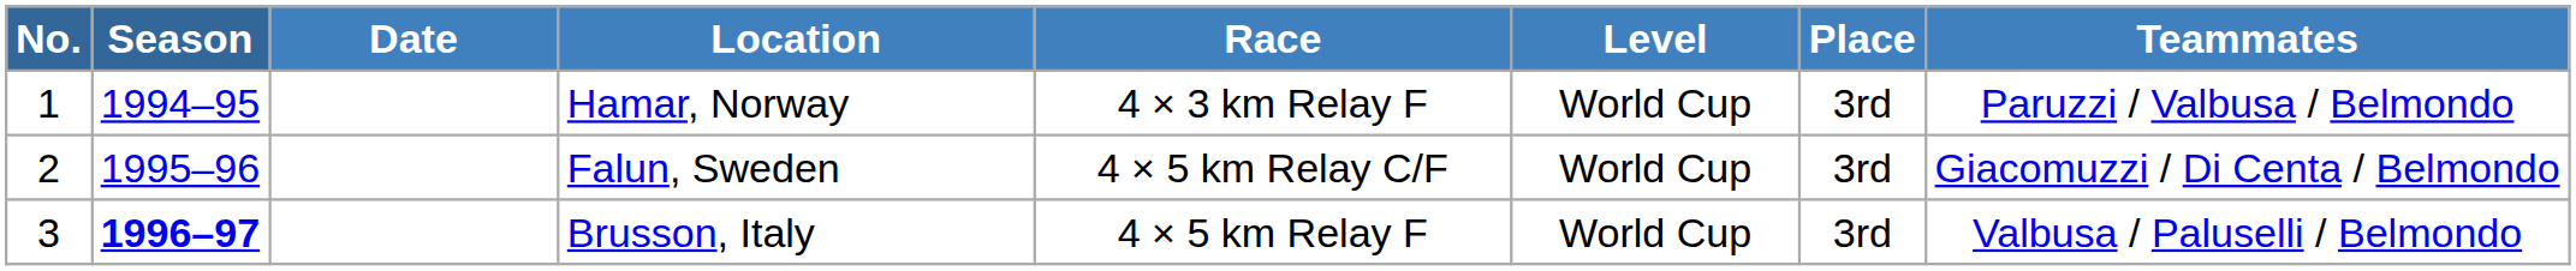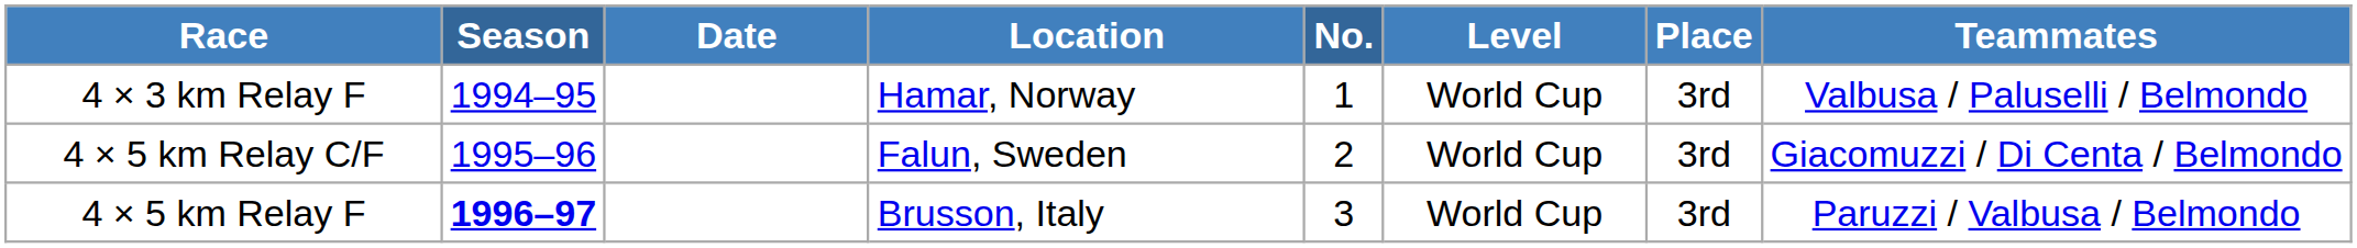 <table class="wikitable sortable" style="font-size:95%; text-align:center; border:grey solid 1px; border-collapse:collapse; background:#ffffff;">
 <tr style="background:#efefef;">
-<th style="background-color:#369; color:white;">No.</th>
+<th style="background-color:#4180be; color:white; width:170px;">Race</th>
 <th style="background-color:#369; color:white;">Season</th>
 <th style="background-color:#4180be; color:white; width:100px;">Date</th>
 <th style="background-color:#4180be; color:white; width:170px;">Location</th>
-<th style="background-color:#4180be; color:white; width:170px;">Race</th>
+<th style="background-color:#369; color:white;">No.</th>
 <th style="background-color:#4180be; color:white; width:100px;">Level</th>
 <th style="background-color:#4180be; color:white;">Place</th>
 <th style="background-color:#4180be; color:white;">Teammates</th>
 </tr>
 <tr>
-<td>1</td>
+<td>4 × 3 km Relay F</td>
 <td><a href='#'>1994–95</a></td>
 <td style="text-align: right;"></td>
 <td style="text-align: left;"> <a href='#'>Hamar</a>, Norway</td>
-<td>4 × 3 km Relay F</td>
+<td>1</td>
 <td>World Cup</td>
 <td>3rd</td>
-<td><a href='#'>Paruzzi</a> / <a href='#'>Valbusa</a> / <a href='#'>Belmondo</a></td>
+<td><a href='#'>Valbusa</a> / <a href='#'>Paluselli</a> / <a href='#'>Belmondo</a></td>
 </tr>
 <tr>
-<td>2</td>
+<td>4 × 5 km Relay C/F</td>
 <td><a href='#'>1995–96</a></td>
 <td style="text-align: right;"></td>
 <td style="text-align: left;"> <a href='#'>Falun</a>, Sweden</td>
-<td>4 × 5 km Relay C/F</td>
+<td>2</td>
 <td>World Cup</td>
 <td>3rd</td>
 <td><a href='#'>Giacomuzzi</a> / <a href='#'>Di Centa</a> / <a href='#'>Belmondo</a></td>
 </tr>
 <tr>
-<td>3</td>
+<td>4 × 5 km Relay F</td>
 <td><strong><a href='#'>1996–97</a></strong></td>
 <td style="text-align: right;"></td>
 <td style="text-align: left;"> <a href='#'>Brusson</a>, Italy</td>
-<td>4 × 5 km Relay F</td>
+<td>3</td>
 <td>World Cup</td>
 <td>3rd</td>
-<td><a href='#'>Valbusa</a> / <a href='#'>Paluselli</a> / <a href='#'>Belmondo</a></td>
+<td><a href='#'>Paruzzi</a> / <a href='#'>Valbusa</a> / <a href='#'>Belmondo</a></td>
 </tr>
 </table>
